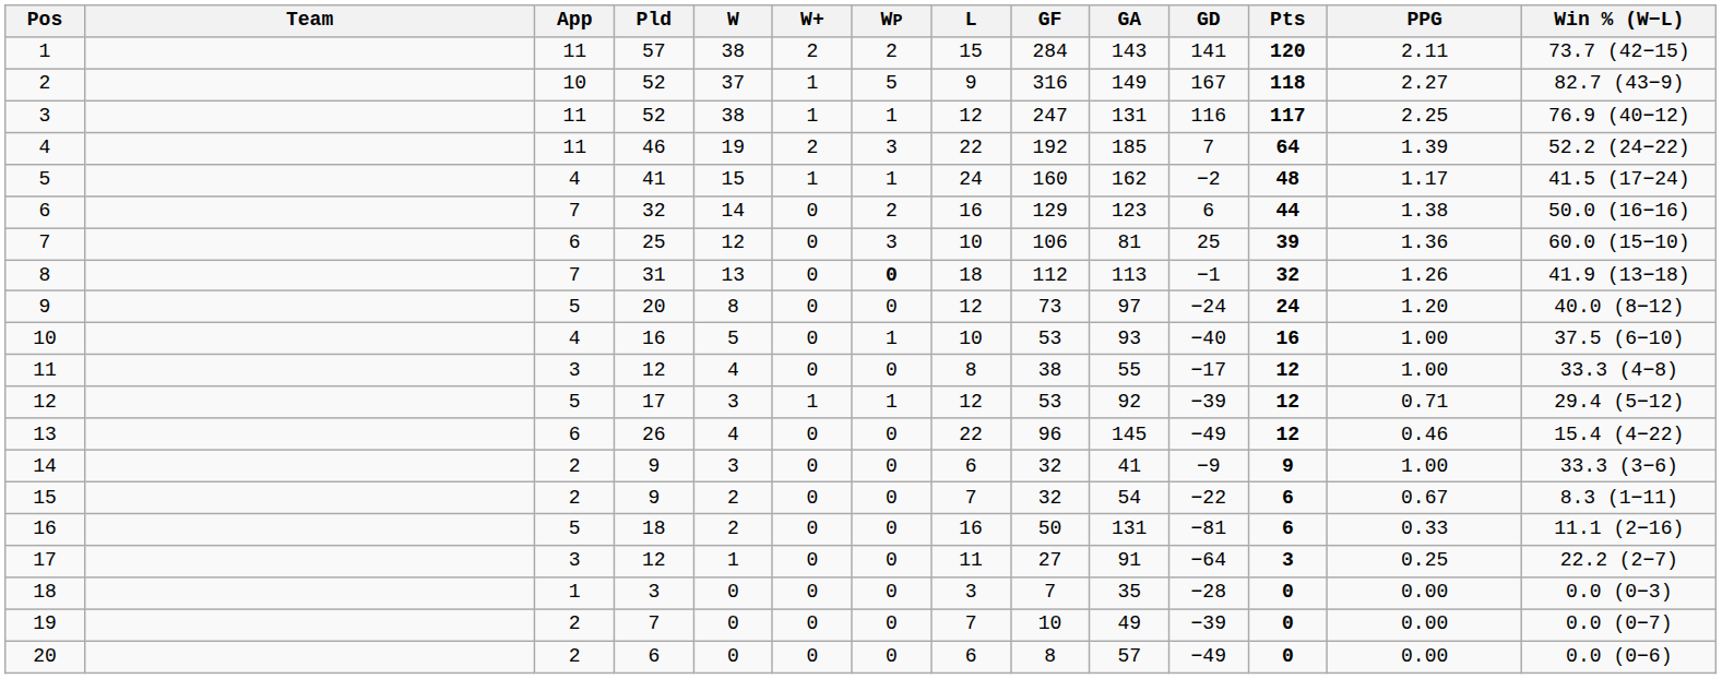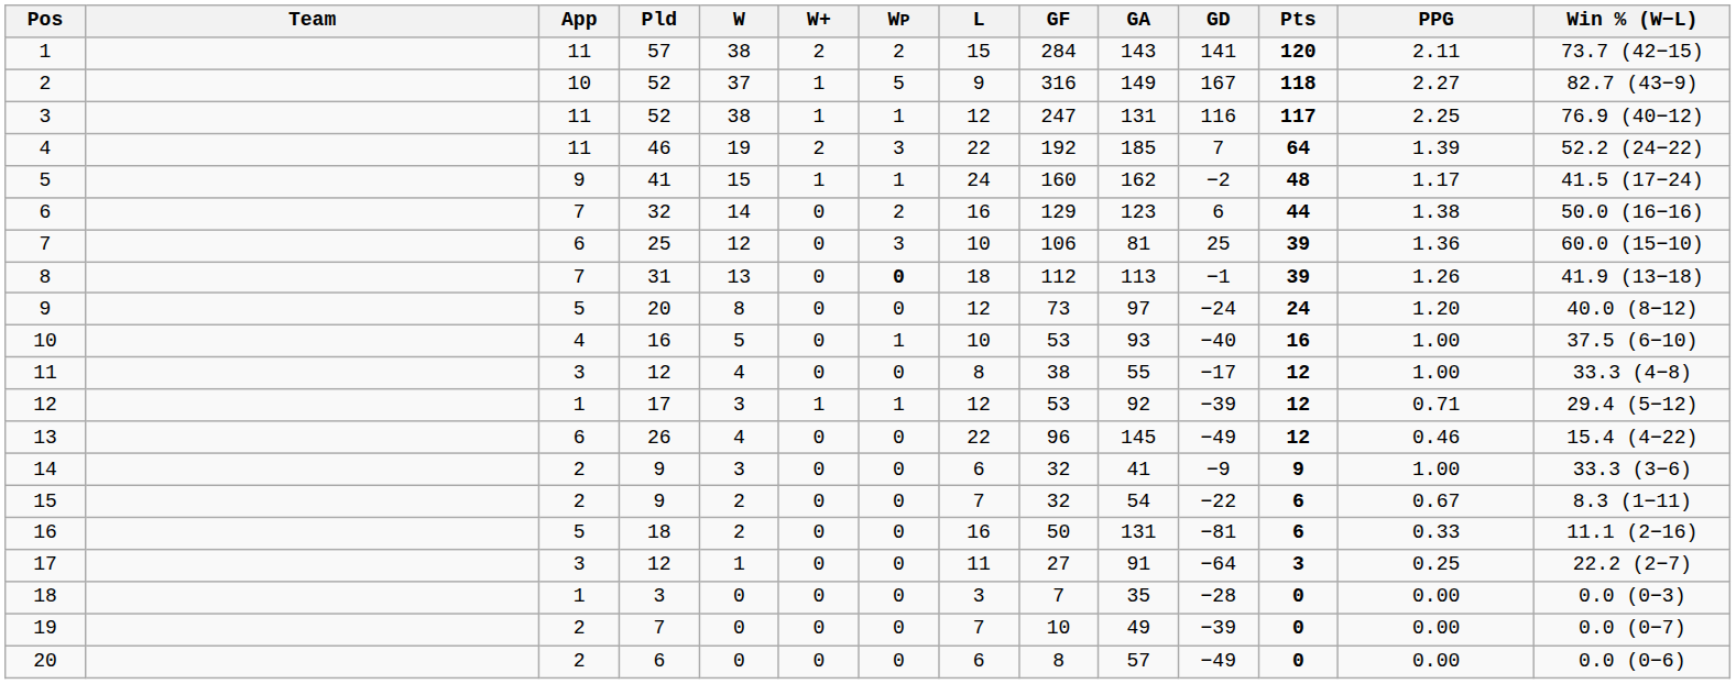 <table class="wikitable sortable" width=85% style="text-align:center; font-size: 95%">
 <tr>
 <th width=25>Pos</th>
 <th width=170>Team</th>
 <th width=25>App</th>
 <th width=25>Pld</th>
 <th width=25>W</th>
 <th width=25>W+</th>
 <th width=25>W<small>P</small></th>
 <th width=25>L</th>
 <th width=25>GF</th>
 <th width=25>GA</th>
 <th width=25>GD</th>
 <th width=25>Pts</th>
 <th width=70>PPG</th>
 <th width=70>Win % (W−L)</th>
 </tr>
 <tr>
 <td>1</td>
 <td style="text-align:left;"></td>
 <td>11</td>
 <td>57</td>
 <td>38</td>
 <td>2</td>
 <td>2</td>
 <td>15</td>
 <td>284</td>
 <td>143</td>
 <td>141</td>
 <td><strong>120</strong></td>
 <td>2.11</td>
 <td>73.7 (42−15)</td>
 </tr>
 <tr>
 <td>2</td>
 <td style="text-align:left;"></td>
 <td>10</td>
 <td>52</td>
 <td>37</td>
 <td>1</td>
 <td>5</td>
 <td>9</td>
 <td>316</td>
 <td>149</td>
 <td>167</td>
 <td><strong>118</strong></td>
 <td>2.27</td>
 <td>82.7 (43−9)</td>
 </tr>
 <tr>
 <td>3</td>
 <td style="text-align:left;"></td>
 <td>11</td>
 <td>52</td>
 <td>38</td>
 <td>1</td>
 <td>1</td>
 <td>12</td>
 <td>247</td>
 <td>131</td>
 <td>116</td>
 <td><strong>117</strong></td>
 <td>2.25</td>
 <td>76.9 (40−12)</td>
 </tr>
 <tr>
 <td>4</td>
 <td style="text-align:left;"></td>
 <td>11</td>
 <td>46</td>
 <td>19</td>
 <td>2</td>
 <td>3</td>
 <td>22</td>
 <td>192</td>
 <td>185</td>
 <td>7</td>
 <td><strong>64</strong></td>
 <td>1.39</td>
 <td>52.2 (24−22)</td>
 </tr>
 <tr>
 <td>5</td>
 <td style="text-align:left;"></td>
-<td>4</td>
+<td>9</td>
 <td>41</td>
 <td>15</td>
 <td>1</td>
 <td>1</td>
 <td>24</td>
 <td>160</td>
 <td>162</td>
 <td>−2</td>
 <td><strong>48</strong></td>
 <td>1.17</td>
 <td>41.5 (17−24)</td>
 </tr>
 <tr>
 <td>6</td>
 <td style="text-align:left;"></td>
 <td>7</td>
 <td>32</td>
 <td>14</td>
 <td>0</td>
 <td>2</td>
 <td>16</td>
 <td>129</td>
 <td>123</td>
 <td>6</td>
 <td><strong>44</strong></td>
 <td>1.38</td>
 <td>50.0 (16−16)</td>
 </tr>
 <tr>
 <td>7</td>
 <td style="text-align:left;"></td>
 <td>6</td>
 <td>25</td>
 <td>12</td>
 <td>0</td>
 <td>3</td>
 <td>10</td>
 <td>106</td>
 <td>81</td>
 <td>25</td>
 <td><strong>39</strong></td>
 <td>1.36</td>
 <td>60.0 (15−10)</td>
 </tr>
 <tr>
 <td>8</td>
 <td style="text-align:left;"></td>
 <td>7</td>
 <td>31</td>
 <td>13</td>
 <td>0</td>
 <td><strong>0</strong></td>
 <td>18</td>
 <td>112</td>
 <td>113</td>
 <td>−1</td>
-<td><strong>32</strong></td>
+<td><strong>39</strong></td>
 <td>1.26</td>
 <td>41.9 (13−18)</td>
 </tr>
 <tr>
 <td>9</td>
 <td style="text-align:left;"></td>
 <td>5</td>
 <td>20</td>
 <td>8</td>
 <td>0</td>
 <td>0</td>
 <td>12</td>
 <td>73</td>
 <td>97</td>
 <td>−24</td>
 <td><strong>24</strong></td>
 <td>1.20</td>
 <td>40.0 (8−12)</td>
 </tr>
 <tr>
 <td>10</td>
 <td style="text-align:left;"></td>
 <td>4</td>
 <td>16</td>
 <td>5</td>
 <td>0</td>
 <td>1</td>
 <td>10</td>
 <td>53</td>
 <td>93</td>
 <td>−40</td>
 <td><strong>16</strong></td>
 <td>1.00</td>
 <td>37.5 (6−10)</td>
 </tr>
 <tr>
 <td>11</td>
 <td style="text-align:left;"></td>
 <td>3</td>
 <td>12</td>
 <td>4</td>
 <td>0</td>
 <td>0</td>
 <td>8</td>
 <td>38</td>
 <td>55</td>
 <td>−17</td>
 <td><strong>12</strong></td>
 <td>1.00</td>
 <td>33.3 (4−8)</td>
 </tr>
 <tr>
 <td>12</td>
 <td style="text-align:left;"></td>
-<td>5</td>
+<td>1</td>
 <td>17</td>
 <td>3</td>
 <td>1</td>
 <td>1</td>
 <td>12</td>
 <td>53</td>
 <td>92</td>
 <td>−39</td>
 <td><strong>12</strong></td>
 <td>0.71</td>
 <td>29.4 (5−12)</td>
 </tr>
 <tr>
 <td>13</td>
 <td style="text-align:left;"></td>
 <td>6</td>
 <td>26</td>
 <td>4</td>
 <td>0</td>
 <td>0</td>
 <td>22</td>
 <td>96</td>
 <td>145</td>
 <td>−49</td>
 <td><strong>12</strong></td>
 <td>0.46</td>
 <td>15.4 (4−22)</td>
 </tr>
 <tr>
 <td>14</td>
 <td style="text-align:left;"></td>
 <td>2</td>
 <td>9</td>
 <td>3</td>
 <td>0</td>
 <td>0</td>
 <td>6</td>
 <td>32</td>
 <td>41</td>
 <td>−9</td>
 <td><strong>9</strong></td>
 <td>1.00</td>
 <td>33.3 (3−6)</td>
 </tr>
 <tr>
 <td>15</td>
 <td style="text-align:left;"></td>
 <td>2</td>
 <td>9</td>
 <td>2</td>
 <td>0</td>
 <td>0</td>
 <td>7</td>
 <td>32</td>
 <td>54</td>
 <td>−22</td>
 <td><strong>6</strong></td>
 <td>0.67</td>
 <td>8.3 (1−11)</td>
 </tr>
 <tr>
 <td>16</td>
 <td style="text-align:left;"></td>
 <td>5</td>
 <td>18</td>
 <td>2</td>
 <td>0</td>
 <td>0</td>
 <td>16</td>
 <td>50</td>
 <td>131</td>
 <td>−81</td>
 <td><strong>6</strong></td>
 <td>0.33</td>
 <td>11.1 (2−16)</td>
 </tr>
 <tr>
 <td>17</td>
 <td style="text-align:left;"></td>
 <td>3</td>
 <td>12</td>
 <td>1</td>
 <td>0</td>
 <td>0</td>
 <td>11</td>
 <td>27</td>
 <td>91</td>
 <td>−64</td>
 <td><strong>3</strong></td>
 <td>0.25</td>
 <td>22.2 (2−7)</td>
 </tr>
 <tr>
 <td>18</td>
 <td style="text-align:left;"></td>
 <td>1</td>
 <td>3</td>
 <td>0</td>
 <td>0</td>
 <td>0</td>
 <td>3</td>
 <td>7</td>
 <td>35</td>
 <td>−28</td>
 <td><strong>0</strong></td>
 <td>0.00</td>
 <td>0.0 (0−3)</td>
 </tr>
 <tr>
 <td>19</td>
 <td style="text-align:left;"></td>
 <td>2</td>
 <td>7</td>
 <td>0</td>
 <td>0</td>
 <td>0</td>
 <td>7</td>
 <td>10</td>
 <td>49</td>
 <td>−39</td>
 <td><strong>0</strong></td>
 <td>0.00</td>
 <td>0.0 (0−7)</td>
 </tr>
 <tr>
 <td>20</td>
 <td style="text-align:left;"></td>
 <td>2</td>
 <td>6</td>
 <td>0</td>
 <td>0</td>
 <td>0</td>
 <td>6</td>
 <td>8</td>
 <td>57</td>
 <td>−49</td>
 <td><strong>0</strong></td>
 <td>0.00</td>
 <td>0.0 (0−6)</td>
 </tr>
 </table>
